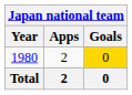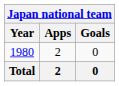 <table class="wikitable" style="text-align:center">
 <tr>
 <th colspan=3><a href='#'>Japan national team</a></th>
 </tr>
 <tr>
 <th>Year</th>
 <th>Apps</th>
 <th>Goals</th>
 </tr>
 <tr>
 <td><a href='#'>1980</a></td>
 <td>2</td>
-<td style="background: gold;">0</td>
+<td>0</td>
 </tr>
 <tr>
 <th>Total</th>
 <th>2</th>
 <th>0</th>
 </tr>
 </table>
